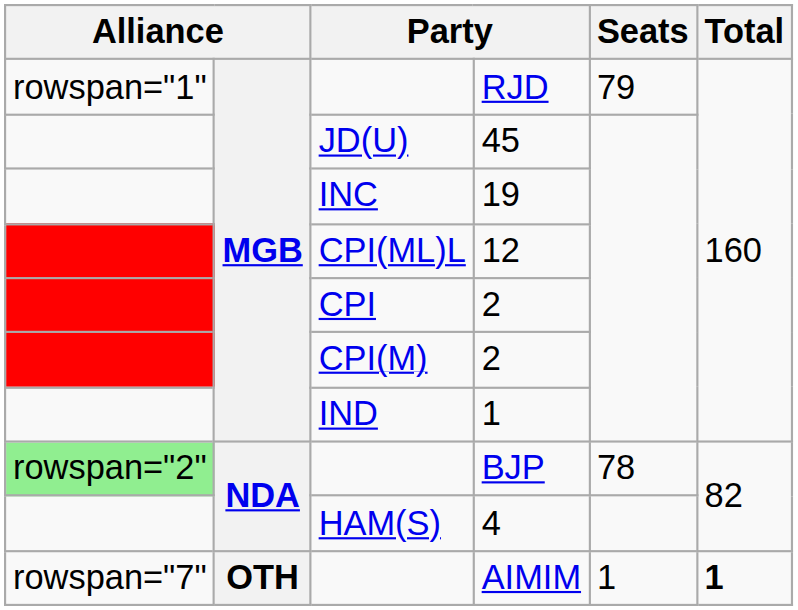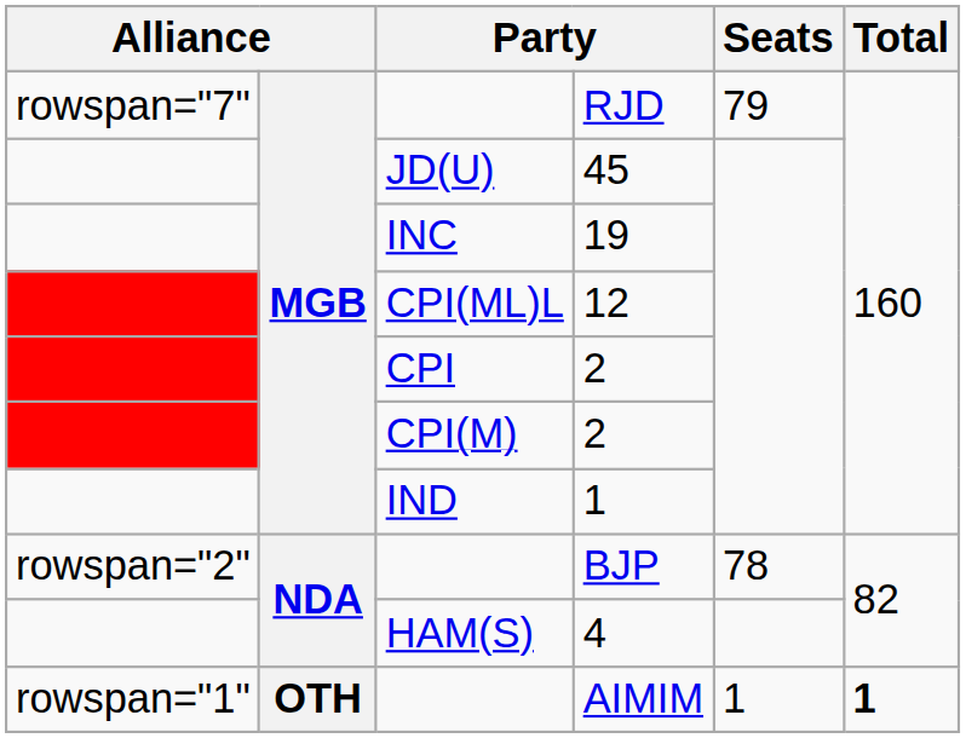 <table class="wikitable">
 <tr>
 <th colspan="2">Alliance</th>
 <th colspan="2">Party</th>
 <th>Seats</th>
 <th>Total</th>
 </tr>
 <tr>
-<td>rowspan="1" </td>
+<td>rowspan="7" </td>
 <th rowspan="7"><a href='#'>MGB</a></th>
 <td></td>
 <td><a href='#'>RJD</a></td>
 <td>79</td>
 <td rowspan="7">160</td>
 </tr>
 <tr>
 <td></td>
 <td><a href='#'>JD(U)</a></td>
 <td>45</td>
 </tr>
 <tr>
 <td></td>
 <td><a href='#'>INC</a></td>
 <td>19</td>
 </tr>
 <tr>
 <td bgcolor="red"></td>
 <td><a href='#'>CPI(ML)L</a></td>
 <td>12</td>
 </tr>
 <tr>
 <td bgcolor="red"></td>
 <td><a href='#'>CPI</a></td>
 <td>2</td>
 </tr>
 <tr>
 <td bgcolor="red"></td>
 <td><a href='#'>CPI(M)</a></td>
 <td>2</td>
 </tr>
 <tr>
 <td></td>
 <td><a href='#'>IND</a></td>
 <td>1</td>
 </tr>
 <tr>
-<td style="background: lightgreen;">rowspan="2" </td>
+<td>rowspan="2" </td>
 <th rowspan="2"><a href='#'>NDA</a></th>
 <td></td>
 <td><a href='#'>BJP</a></td>
 <td>78</td>
 <td rowspan="2">82</td>
 </tr>
 <tr>
 <td></td>
 <td><a href='#'>HAM(S)</a></td>
 <td>4</td>
 </tr>
 <tr>
-<td>rowspan="7" </td>
+<td>rowspan="1" </td>
 <th rowspan="1">OTH</th>
 <td></td>
 <td><a href='#'>AIMIM</a></td>
 <td>1</td>
 <td><strong>1</strong></td>
 </tr>
 </table>
